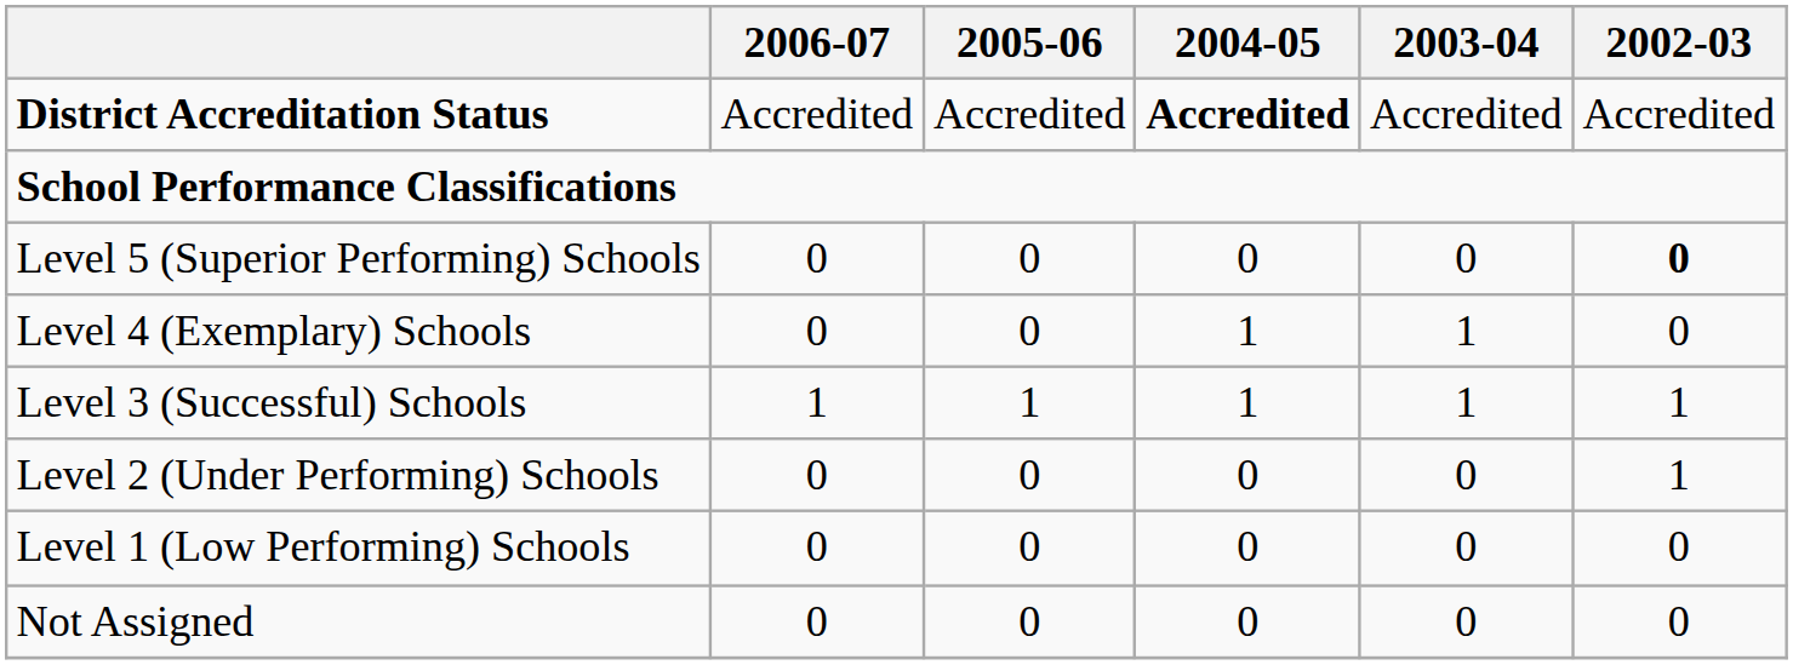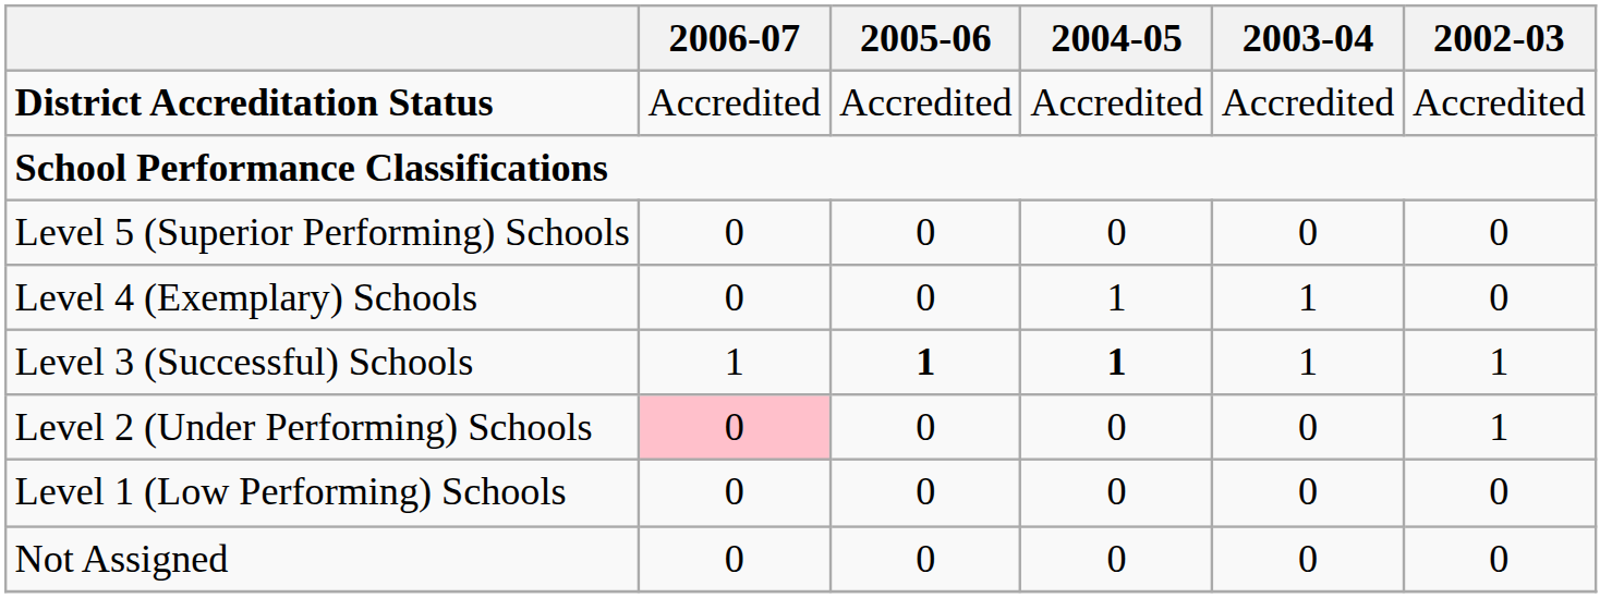 <table class="wikitable" style="font-size: 95%;">
 <tr>
 <th></th>
 <th>2006-07</th>
 <th>2005-06</th>
 <th>2004-05</th>
 <th>2003-04</th>
 <th>2002-03</th>
 </tr>
 <tr>
 <td align="left"><strong>District Accreditation Status</strong></td>
 <td align="center">Accredited</td>
 <td align="center">Accredited</td>
-<td align="center"><strong>Accredited</strong></td>
+<td align="center">Accredited</td>
 <td align="center">Accredited</td>
 <td align="center">Accredited</td>
 </tr>
 <tr>
 <td align="left" colspan="6"><strong>School Performance Classifications</strong></td>
 </tr>
 <tr>
 <td align="left">Level 5 (Superior Performing) Schools</td>
 <td align="center">0</td>
 <td align="center">0</td>
 <td align="center">0</td>
 <td align="center">0</td>
-<td align="center"><strong>0</strong></td>
+<td align="center">0</td>
 </tr>
 <tr>
 <td align="left">Level 4 (Exemplary) Schools</td>
 <td align="center">0</td>
 <td align="center">0</td>
 <td align="center">1</td>
 <td align="center">1</td>
 <td align="center">0</td>
 </tr>
 <tr>
 <td align="left">Level 3 (Successful) Schools</td>
 <td align="center">1</td>
-<td align="center">1</td>
-<td align="center">1</td>
+<td align="center"><strong>1</strong></td>
+<td align="center"><strong>1</strong></td>
 <td align="center">1</td>
 <td align="center">1</td>
 </tr>
 <tr>
 <td align="left">Level 2 (Under Performing) Schools</td>
-<td align="center">0</td>
+<td align="center" style="background: pink;">0</td>
 <td align="center">0</td>
 <td align="center">0</td>
 <td align="center">0</td>
 <td align="center">1</td>
 </tr>
 <tr>
 <td align="left">Level 1 (Low Performing) Schools</td>
 <td align="center">0</td>
 <td align="center">0</td>
 <td align="center">0</td>
 <td align="center">0</td>
 <td align="center">0</td>
 </tr>
 <tr>
 <td align="left">Not Assigned</td>
 <td align="center">0</td>
 <td align="center">0</td>
 <td align="center">0</td>
 <td align="center">0</td>
 <td align="center">0</td>
 </tr>
 <tr>
 </tr>
 </table>
